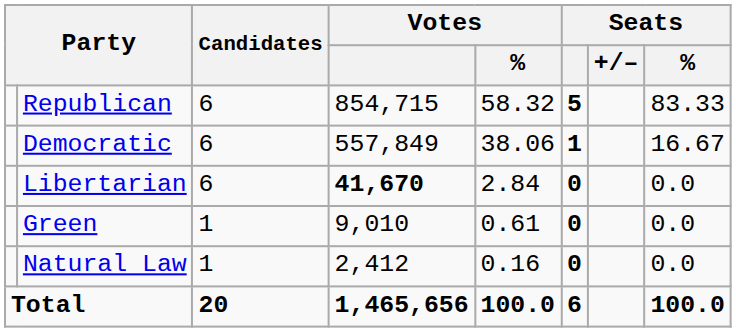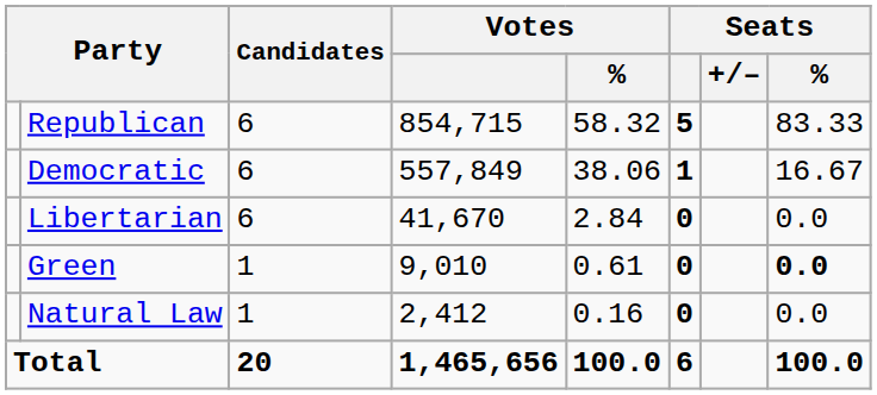 <table class="wikitable" style="font-size: 95%;">
 <tr>
 <th colspan="2" rowspan="2">Party</th>
 <th rowspan="2"><small>Candi</small><small>dates</small></th>
 <th colspan="2">Votes</th>
 <th colspan="3">Seats</th>
 </tr>
 <tr>
 <th></th>
 <th>%</th>
 <th></th>
 <th>+/–</th>
 <th>%</th>
 </tr>
 <tr>
 <td style="background:"></td>
 <td align="left"><a href='#'>Republican</a></td>
 <td>6</td>
 <td>854,715</td>
 <td>58.32</td>
 <td><strong>5</strong></td>
 <td></td>
 <td>83.33</td>
 </tr>
 <tr>
 <td style="background:"></td>
 <td align="left"><a href='#'>Democratic</a></td>
 <td>6</td>
 <td>557,849</td>
 <td>38.06</td>
 <td><strong>1</strong></td>
 <td></td>
 <td>16.67</td>
 </tr>
 <tr>
 <td style="background:"></td>
 <td align="left"><a href='#'>Libertarian</a></td>
 <td>6</td>
-<td><strong>41,670</strong></td>
+<td>41,670</td>
 <td>2.84</td>
 <td><strong>0</strong></td>
 <td></td>
 <td>0.0</td>
 </tr>
 <tr>
 <td style="background:"></td>
 <td align="left"><a href='#'>Green</a></td>
 <td>1</td>
 <td>9,010</td>
 <td>0.61</td>
 <td><strong>0</strong></td>
 <td></td>
-<td>0.0</td>
+<td><strong>0.0</strong></td>
 </tr>
 <tr>
 <td style="background:"></td>
 <td align="left"><a href='#'>Natural Law</a></td>
 <td>1</td>
 <td>2,412</td>
 <td>0.16</td>
 <td><strong>0</strong></td>
 <td></td>
 <td>0.0</td>
 </tr>
 <tr style="font-weight:bold">
 <td colspan="2" align="left">Total</td>
 <td>20</td>
 <td>1,465,656</td>
 <td>100.0</td>
 <td>6</td>
 <td></td>
 <td>100.0</td>
 </tr>
 </table>
